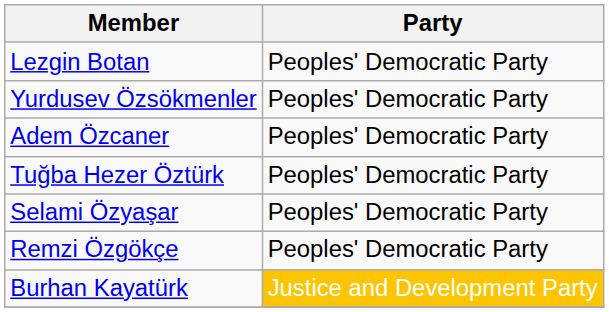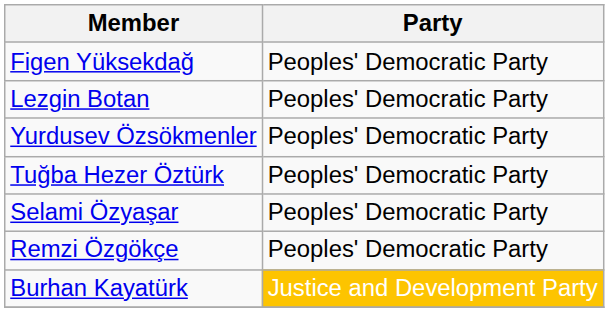 <table class="wikitable">
 <tr>
 <th>Member</th>
 <th>Party</th>
+</tr>
+<tr>
+<td><a href='#'>Figen Yüksekdağ</a></td>
+<td style="background:">Peoples' Democratic Party</td>
 </tr>
 <tr>
 <td><a href='#'>Lezgin Botan</a></td>
 <td style="background:">Peoples' Democratic Party</td>
 </tr>
 <tr>
 <td><a href='#'>Yurdusev Özsökmenler</a></td>
-<td style="background:">Peoples' Democratic Party</td>
-</tr>
-<tr>
-<td><a href='#'>Adem Özcaner</a></td>
 <td style="background:">Peoples' Democratic Party</td>
 </tr>
 <tr>
 <td><a href='#'>Tuğba Hezer Öztürk</a></td>
 <td style="background:">Peoples' Democratic Party</td>
 </tr>
 <tr>
 <td><a href='#'>Selami Özyaşar</a></td>
 <td style="background:">Peoples' Democratic Party</td>
 </tr>
 <tr>
 <td><a href='#'>Remzi Özgökçe</a></td>
 <td style="background:">Peoples' Democratic Party</td>
 </tr>
 <tr>
 <td><a href='#'>Burhan Kayatürk</a></td>
 <td style="background:#FDC400; color:white">Justice and Development Party</td>
 </tr>
 <tr>
 </tr>
 </table>
